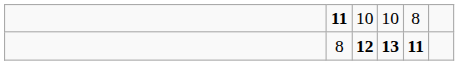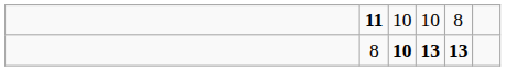 <table class="wikitable">
 <tr>
 <td style="width:18em"></td>
 <td align=center style="width:1em"><strong>11</strong></td>
 <td align=center style="width:1em">10</td>
 <td align=center style="width:1em">10</td>
 <td align=center style="width:1em">8</td>
 <td align=center style="width:1em"></td>
 </tr>
 <tr>
 <td style="width:18em"></td>
 <td align=center style="width:1em">8</td>
-<td align=center style="width:1em"><strong>12</strong></td>
+<td align=center style="width:1em"><strong>10</strong></td>
 <td align=center style="width:1em"><strong>13</strong></td>
-<td align=center style="width:1em"><strong>11</strong></td>
+<td align=center style="width:1em"><strong>13</strong></td>
 <td align=center style="width:1em"></td>
 </tr>
 </table>
